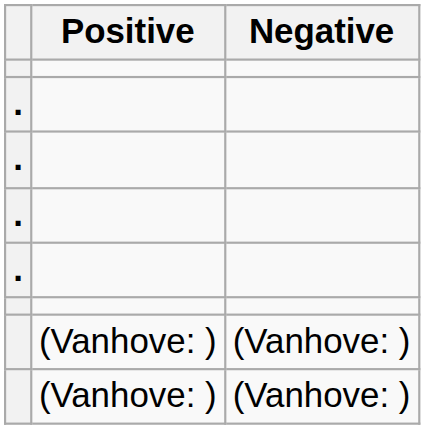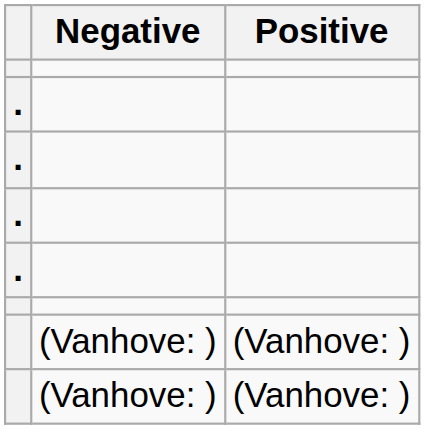 <table class="wikitable">
 <tr>
 <th> </th>
+<th>Negative</th>
 <th>Positive</th>
-<th>Negative</th>
 </tr>
 <tr>
 <th></th>
 <td></td>
 <td></td>
 </tr>
 <tr>
 <th>.</th>
 <td></td>
 <td></td>
 </tr>
 <tr>
 <th>.</th>
 <td></td>
 <td></td>
 </tr>
 <tr>
 <th>.</th>
 <td></td>
 <td></td>
 </tr>
 <tr>
 <th>.</th>
 <td></td>
 <td></td>
 </tr>
 <tr>
 <th></th>
 <td></td>
 <td></td>
 </tr>
 <tr>
 <th></th>
 <td> (Vanhove: )</td>
 <td> (Vanhove: )</td>
 </tr>
 <tr>
 <th></th>
 <td> (Vanhove: )</td>
 <td> (Vanhove: )</td>
 </tr>
 </table>
